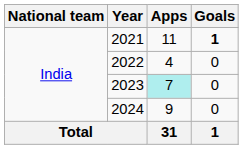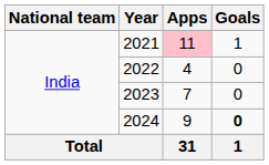 <table class="wikitable" style="text-align: center;">
 <tr>
 <th>National team</th>
 <th>Year</th>
 <th>Apps</th>
 <th>Goals</th>
 </tr>
 <tr>
 <td rowspan="4"><a href='#'>India</a></td>
 <td>2021</td>
-<td>11</td>
-<td><strong>1</strong></td>
+<td style="background: pink;">11</td>
+<td>1</td>
 </tr>
 <tr>
 <td>2022</td>
 <td>4</td>
 <td>0</td>
 </tr>
 <tr>
 <td>2023</td>
-<td style="background: paleturquoise;">7</td>
+<td>7</td>
 <td>0</td>
 </tr>
 <tr>
 <td>2024</td>
 <td>9</td>
-<td>0</td>
+<td><strong>0</strong></td>
 </tr>
 <tr>
 <th colspan="2">Total</th>
 <th>31</th>
 <th>1</th>
 </tr>
 </table>
